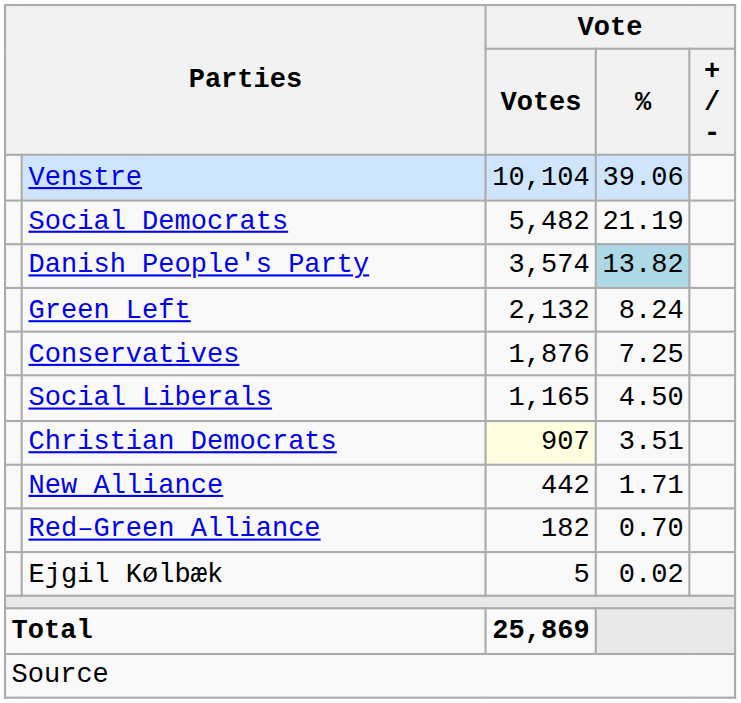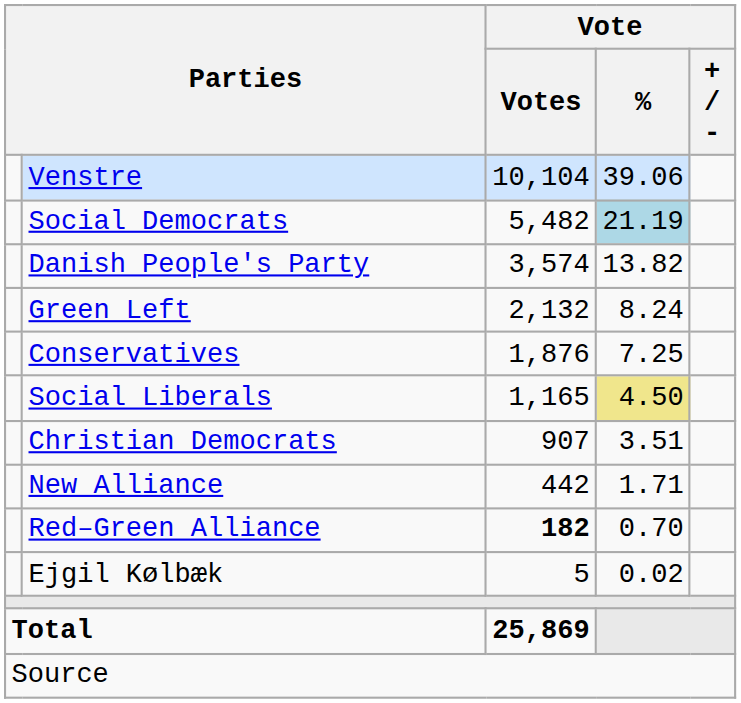 <table class="wikitable" style="text-align:right;">
 <tr>
 <th style="text-align:centre;" rowspan="2" colspan="2" width="225">Parties</th>
 <th colspan="3">Vote</th>
 </tr>
 <tr>
 <th width="15">Votes</th>
 <th width="15">%</th>
 <th width="15">+ / -</th>
 </tr>
 <tr>
 <td width="2" style="color:inherit;background:"></td>
 <td bgcolor=#cfe5fe  align="left"><a href='#'>Venstre</a></td>
 <td bgcolor=#cfe5fe>10,104</td>
 <td bgcolor=#cfe5fe>39.06</td>
 <td></td>
 </tr>
 <tr>
 <td width="2" style="color:inherit;background:"></td>
 <td align="left"><a href='#'>Social Democrats</a></td>
 <td>5,482</td>
-<td>21.19</td>
+<td style="background: lightblue;">21.19</td>
 <td></td>
 </tr>
 <tr>
 <td width="2" style="color:inherit;background:"></td>
 <td align="left"><a href='#'>Danish People's Party</a></td>
 <td>3,574</td>
-<td style="background: lightblue;">13.82</td>
+<td>13.82</td>
 <td></td>
 </tr>
 <tr>
 <td width="2" style="color:inherit;background:"></td>
 <td align="left"><a href='#'>Green Left</a></td>
 <td>2,132</td>
 <td>8.24</td>
 <td></td>
 </tr>
 <tr>
 <td width="2" style="color:inherit;background:"></td>
 <td align="left"><a href='#'>Conservatives</a></td>
 <td>1,876</td>
 <td>7.25</td>
 <td></td>
 </tr>
 <tr>
 <td width="2" style="color:inherit;background:"></td>
 <td align="left"><a href='#'>Social Liberals</a></td>
 <td>1,165</td>
-<td>4.50</td>
+<td style="background: khaki;">4.50</td>
 <td></td>
 </tr>
 <tr>
 <td width="2" style="color:inherit;background:"></td>
 <td align="left"><a href='#'>Christian Democrats</a></td>
-<td style="background: lightyellow;">907</td>
+<td>907</td>
 <td>3.51</td>
 <td></td>
 </tr>
 <tr>
 <td width="2" style="color:inherit;background:"></td>
 <td align="left"><a href='#'>New Alliance</a></td>
 <td>442</td>
 <td>1.71</td>
 <td></td>
 </tr>
 <tr>
 <td width="2" style="color:inherit;background:"></td>
 <td align="left"><a href='#'>Red–Green Alliance</a></td>
-<td>182</td>
+<td><strong>182</strong></td>
 <td>0.70</td>
 <td></td>
 </tr>
 <tr>
 <td width="2" style="color:inherit;background:"></td>
 <td align="left">Ejgil Kølbæk</td>
 <td>5</td>
 <td>0.02</td>
 <td></td>
 </tr>
 <tr>
 <td colspan="7" bgcolor="#E9E9E9"></td>
 </tr>
 <tr>
 <td align="left" colspan="2"><strong>Total</strong></td>
 <td><strong>25,869</strong></td>
 <td bgcolor="#E9E9E9" colspan="2"></td>
 </tr>
 <tr>
 <td align="left" colspan="6">Source</td>
 </tr>
 </table>
